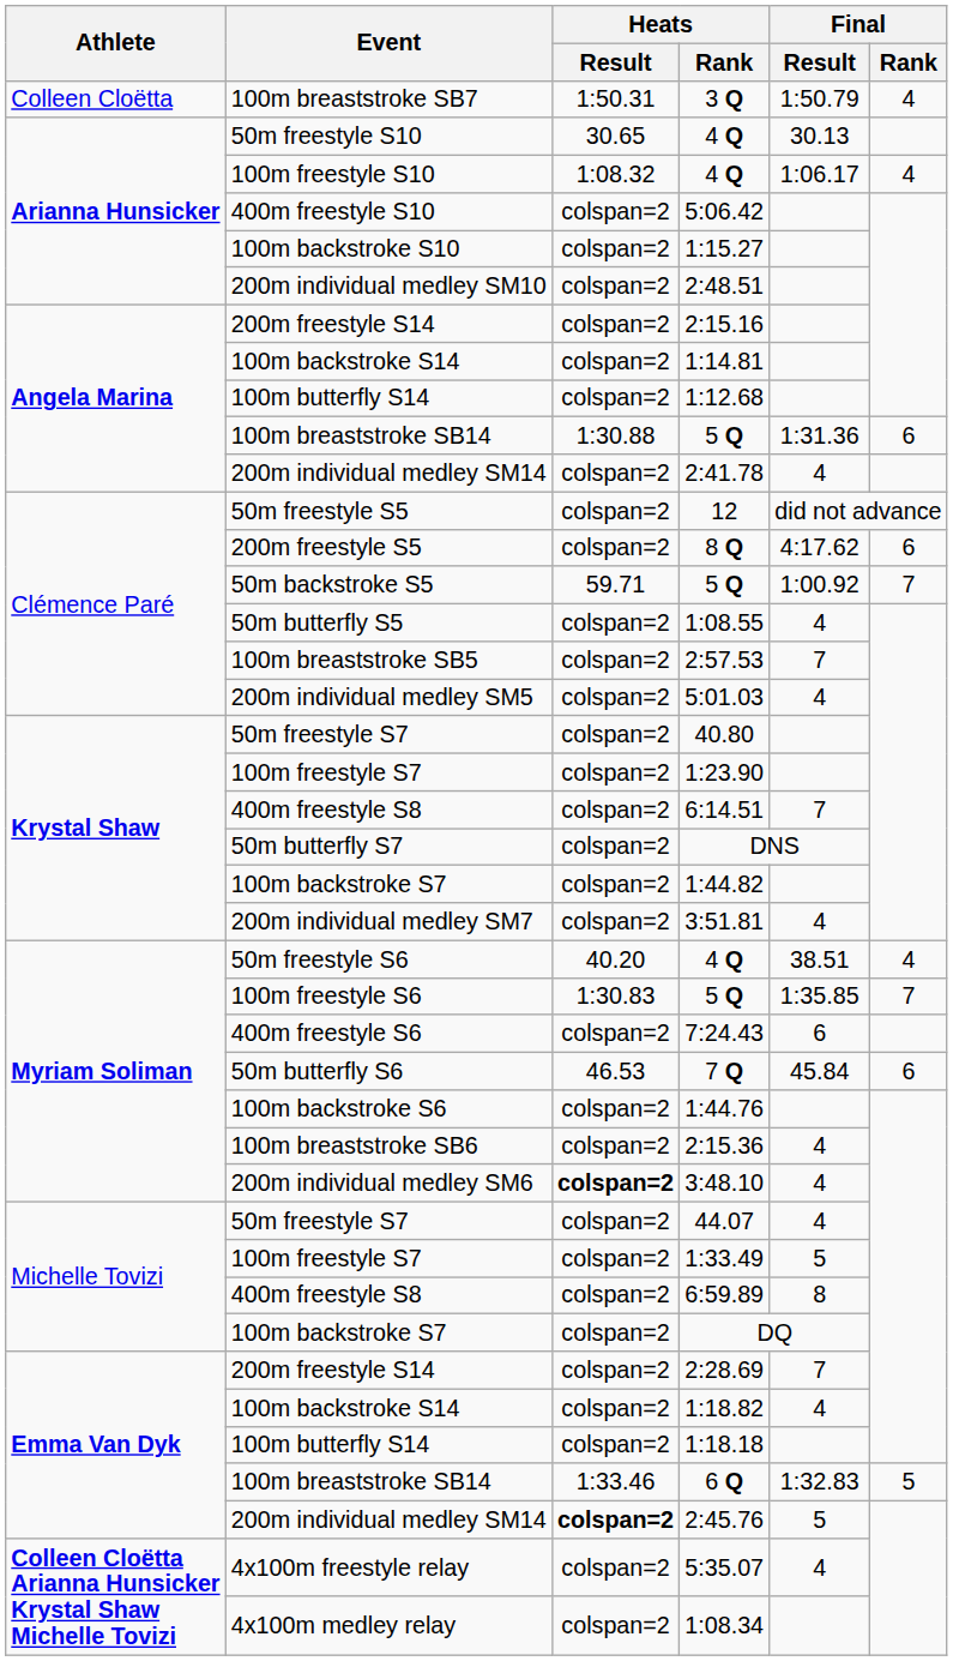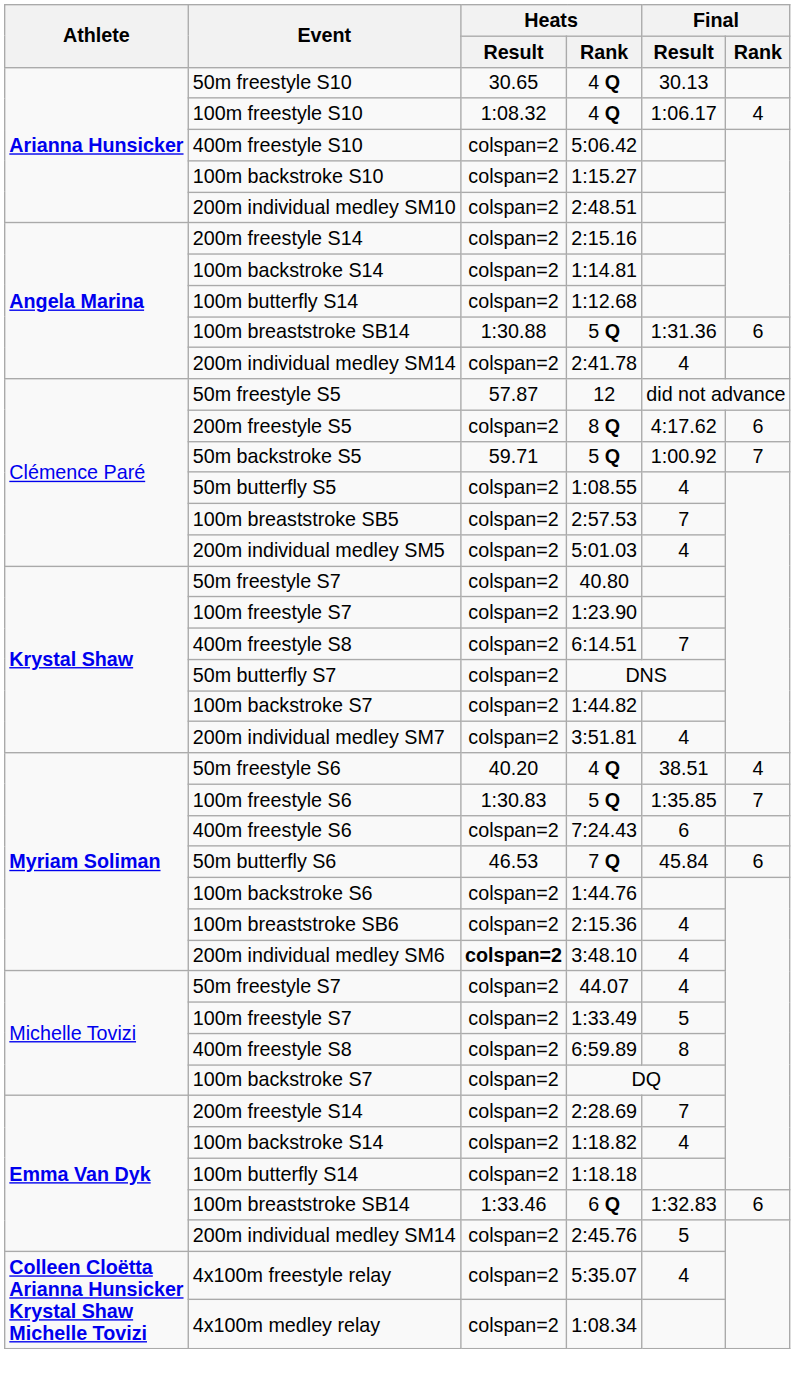 <table class=wikitable style="font-size:90%">
 <tr>
 <th rowspan="2">Athlete</th>
 <th rowspan="2">Event</th>
 <th colspan="2">Heats</th>
 <th colspan="2">Final</th>
 </tr>
 <tr>
 <th>Result</th>
 <th>Rank</th>
 <th>Result</th>
 <th>Rank</th>
-</tr>
-<tr align=center>
-<td align=left><a href='#'>Colleen Cloëtta</a></td>
-<td align=left>100m breaststroke SB7</td>
-<td>1:50.31</td>
-<td>3 <strong>Q</strong></td>
-<td>1:50.79</td>
-<td>4</td>
 </tr>
 <tr align=center>
 <td align=left rowspan=5><strong><a href='#'>Arianna Hunsicker</a></strong></td>
 <td align=left>50m freestyle S10</td>
 <td>30.65</td>
 <td>4 <strong>Q</strong></td>
 <td>30.13</td>
 <td></td>
 </tr>
 <tr align=center>
 <td align=left>100m freestyle S10</td>
 <td>1:08.32</td>
 <td>4 <strong>Q</strong></td>
 <td>1:06.17</td>
 <td>4</td>
 </tr>
 <tr align=center>
 <td align=left>400m freestyle S10</td>
 <td>colspan=2 </td>
 <td>5:06.42</td>
 <td></td>
 </tr>
 <tr align=center>
 <td align=left>100m backstroke S10</td>
 <td>colspan=2 </td>
 <td>1:15.27</td>
 <td></td>
 </tr>
 <tr align=center>
 <td align=left>200m individual medley SM10</td>
 <td>colspan=2 </td>
 <td>2:48.51</td>
 <td></td>
 </tr>
 <tr align=center>
 <td align=left rowspan=5><strong><a href='#'>Angela Marina</a></strong></td>
 <td align=left>200m freestyle S14</td>
 <td>colspan=2 </td>
 <td>2:15.16</td>
 <td></td>
 </tr>
 <tr align=center>
 <td align=left>100m backstroke S14</td>
 <td>colspan=2 </td>
 <td>1:14.81</td>
 <td></td>
 </tr>
 <tr align=center>
 <td align=left>100m butterfly S14</td>
 <td>colspan=2 </td>
 <td>1:12.68</td>
 <td></td>
 </tr>
 <tr align=center>
 <td align=left>100m breaststroke SB14</td>
 <td>1:30.88</td>
 <td>5 <strong>Q</strong></td>
 <td>1:31.36</td>
 <td>6</td>
 </tr>
 <tr align=center>
 <td align=left>200m individual medley SM14</td>
 <td>colspan=2 </td>
 <td>2:41.78</td>
 <td>4</td>
 </tr>
 <tr align=center>
 <td align=left rowspan=6><a href='#'>Clémence Paré</a></td>
 <td align=left>50m freestyle S5</td>
-<td>colspan=2 </td>
+<td>57.87</td>
 <td>12</td>
 <td colspan=2>did not advance</td>
 </tr>
 <tr align=center>
 <td align=left>200m freestyle S5</td>
 <td>colspan=2 </td>
 <td>8 <strong>Q</strong></td>
 <td>4:17.62</td>
 <td>6</td>
 </tr>
 <tr align=center>
 <td align=left>50m backstroke S5</td>
 <td>59.71</td>
 <td>5 <strong>Q</strong></td>
 <td>1:00.92</td>
 <td>7</td>
 </tr>
 <tr align=center>
 <td align=left>50m butterfly S5</td>
 <td>colspan=2 </td>
 <td>1:08.55</td>
 <td>4</td>
 </tr>
 <tr align=center>
 <td align=left>100m breaststroke SB5</td>
 <td>colspan=2 </td>
 <td>2:57.53</td>
 <td>7</td>
 </tr>
 <tr align=center>
 <td align=left>200m individual medley SM5</td>
 <td>colspan=2 </td>
 <td>5:01.03</td>
 <td>4</td>
 </tr>
 <tr align=center>
 <td align=left rowspan=6><strong><a href='#'>Krystal Shaw</a></strong></td>
 <td align=left>50m freestyle S7</td>
 <td>colspan=2 </td>
 <td>40.80</td>
 <td></td>
 </tr>
 <tr align=center>
 <td align=left>100m freestyle S7</td>
 <td>colspan=2 </td>
 <td>1:23.90</td>
 <td></td>
 </tr>
 <tr align=center>
 <td align=left>400m freestyle S8</td>
 <td>colspan=2 </td>
 <td>6:14.51</td>
 <td>7</td>
 </tr>
 <tr align=center>
 <td align=left>50m butterfly S7</td>
 <td>colspan=2 </td>
 <td colspan=2>DNS</td>
 </tr>
 <tr align=center>
 <td align=left>100m backstroke S7</td>
 <td>colspan=2 </td>
 <td>1:44.82</td>
 <td></td>
 </tr>
 <tr align=center>
 <td align=left>200m individual medley SM7</td>
 <td>colspan=2 </td>
 <td>3:51.81</td>
 <td>4</td>
 </tr>
 <tr align=center>
 <td align=left rowspan=7><strong><a href='#'>Myriam Soliman</a></strong></td>
 <td align=left>50m freestyle S6</td>
 <td>40.20</td>
 <td>4 <strong>Q</strong></td>
 <td>38.51</td>
 <td>4</td>
 </tr>
 <tr align=center>
 <td align=left>100m freestyle S6</td>
 <td>1:30.83</td>
 <td>5 <strong>Q</strong></td>
 <td>1:35.85</td>
 <td>7</td>
 </tr>
 <tr align=center>
 <td align=left>400m freestyle S6</td>
 <td>colspan=2 </td>
 <td>7:24.43</td>
 <td>6</td>
 </tr>
 <tr align=center>
 <td align=left>50m butterfly S6</td>
 <td>46.53</td>
 <td>7 <strong>Q</strong></td>
 <td>45.84</td>
 <td>6</td>
 </tr>
 <tr align=center>
 <td align=left>100m backstroke S6</td>
 <td>colspan=2 </td>
 <td>1:44.76</td>
 <td></td>
 </tr>
 <tr align=center>
 <td align=left>100m breaststroke SB6</td>
 <td>colspan=2 </td>
 <td>2:15.36</td>
 <td>4</td>
 </tr>
 <tr align=center>
 <td align=left>200m individual medley SM6</td>
 <td><strong>colspan=2 </strong></td>
 <td>3:48.10</td>
 <td>4</td>
 </tr>
 <tr align=center>
 <td align=left rowspan=4><a href='#'>Michelle Tovizi</a></td>
 <td align=left>50m freestyle S7</td>
 <td>colspan=2 </td>
 <td>44.07</td>
 <td>4</td>
 </tr>
 <tr align=center>
 <td align=left>100m freestyle S7</td>
 <td>colspan=2 </td>
 <td>1:33.49</td>
 <td>5</td>
 </tr>
 <tr align=center>
 <td align=left>400m freestyle S8</td>
 <td>colspan=2 </td>
 <td>6:59.89</td>
 <td>8</td>
 </tr>
 <tr align=center>
 <td align=left>100m backstroke S7</td>
 <td>colspan=2 </td>
 <td colspan=2>DQ</td>
 </tr>
 <tr align=center>
 <td align=left rowspan=5><strong><a href='#'>Emma Van Dyk</a></strong></td>
 <td align=left>200m freestyle S14</td>
 <td>colspan=2 </td>
 <td>2:28.69</td>
 <td>7</td>
 </tr>
 <tr align=center>
 <td align=left>100m backstroke S14</td>
 <td>colspan=2 </td>
 <td>1:18.82</td>
 <td>4</td>
 </tr>
 <tr align=center>
 <td align=left>100m butterfly S14</td>
 <td>colspan=2 </td>
 <td>1:18.18</td>
 <td></td>
 </tr>
 <tr align=center>
 <td align=left>100m breaststroke SB14</td>
 <td>1:33.46</td>
 <td>6 <strong>Q</strong></td>
 <td>1:32.83</td>
-<td>5</td>
+<td>6</td>
 </tr>
 <tr align=center>
 <td align=left>200m individual medley SM14</td>
-<td><strong>colspan=2 </strong></td>
+<td>colspan=2 </td>
 <td>2:45.76</td>
 <td>5</td>
 </tr>
 <tr align=center>
 <td align=left rowspan=2><strong><a href='#'>Colleen Cloëtta</a></strong><br><strong><a href='#'>Arianna Hunsicker</a></strong><br><strong><a href='#'>Krystal Shaw</a></strong><br><strong><a href='#'>Michelle Tovizi</a></strong></td>
 <td align=left>4x100m freestyle relay</td>
 <td>colspan=2 </td>
 <td>5:35.07</td>
 <td>4</td>
 </tr>
 <tr align=center>
 <td align=left>4x100m medley relay</td>
 <td>colspan=2 </td>
 <td>1:08.34</td>
 <td></td>
 </tr>
 </table>
